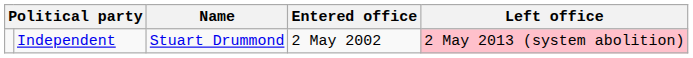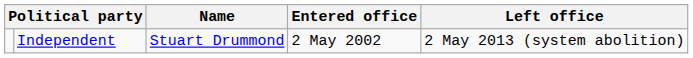 <table class="wikitable">
 <tr>
 <th colspan=2>Political party</th>
 <th>Name</th>
 <th>Entered office</th>
 <th>Left office</th>
 </tr>
 <tr>
 <td style="background-color: "></td>
 <td><a href='#'>Independent</a></td>
 <td><a href='#'>Stuart Drummond</a></td>
 <td>2 May 2002</td>
-<td style="background: pink;">2 May 2013 (system abolition)</td>
+<td>2 May 2013 (system abolition)</td>
 </tr>
 </table>
